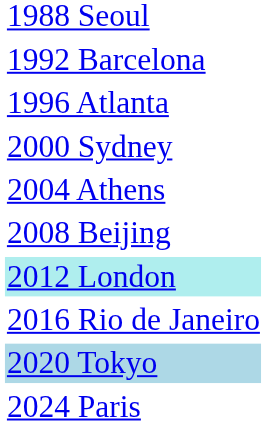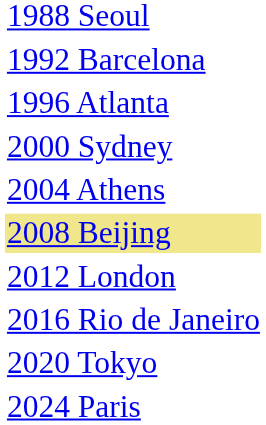 <table>
 <tr>
 <td><a href='#'>1988 Seoul</a><br></td>
 <td></td>
 <td></td>
 <td></td>
 </tr>
 <tr>
 <td><a href='#'>1992 Barcelona</a><br></td>
 <td></td>
 <td></td>
 <td></td>
 </tr>
 <tr>
 <td><a href='#'>1996 Atlanta</a><br></td>
 <td></td>
 <td></td>
 <td></td>
 </tr>
 <tr>
 <td><a href='#'>2000 Sydney</a><br></td>
 <td></td>
 <td></td>
 <td></td>
 </tr>
 <tr>
 <td><a href='#'>2004 Athens</a><br></td>
 <td></td>
 <td></td>
 <td></td>
 </tr>
 <tr>
-<td><a href='#'>2008 Beijing</a><br></td>
+<td style="background: khaki;"><a href='#'>2008 Beijing</a><br></td>
 <td></td>
 <td></td>
 <td></td>
 </tr>
 <tr>
-<td style="background: paleturquoise;"><a href='#'>2012 London</a><br></td>
+<td><a href='#'>2012 London</a><br></td>
 <td></td>
 <td></td>
 <td></td>
 </tr>
 <tr>
 <td><a href='#'>2016 Rio de Janeiro</a><br></td>
 <td></td>
 <td></td>
 <td></td>
 </tr>
 <tr>
-<td style="background: lightblue;"><a href='#'>2020 Tokyo</a><br></td>
+<td><a href='#'>2020 Tokyo</a><br></td>
 <td></td>
 <td></td>
 <td></td>
 </tr>
 <tr>
 <td><a href='#'>2024 Paris</a> <br></td>
 <td></td>
 <td></td>
 <td></td>
 </tr>
 <tr>
 </tr>
 </table>
